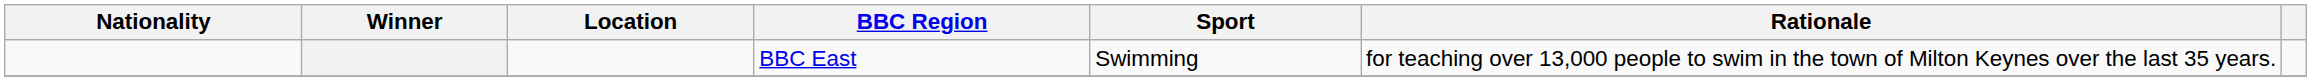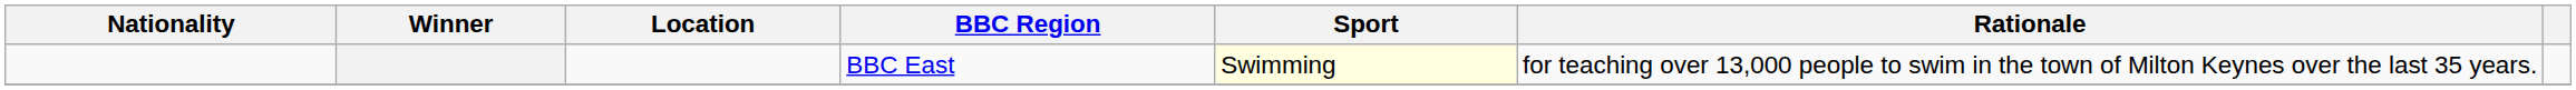 <table class="plainrowheaders wikitable">
 <tr>
 <th scope="col">Nationality</th>
 <th scope="col">Winner</th>
 <th scope="col">Location</th>
 <th scope="col"><a href='#'>BBC Region</a></th>
 <th scope="col">Sport</th>
 <th scope="col" width="40%">Rationale</th>
 <th scope="col"></th>
 </tr>
 <tr>
 <td></td>
 <th scope="row"></th>
 <td></td>
 <td><a href='#'>BBC East</a></td>
-<td>Swimming</td>
+<td style="background: lightyellow;">Swimming</td>
 <td>for teaching over 13,000 people to swim in the town of Milton Keynes over the last 35 years.</td>
 <td align="center"></td>
 </tr>
 <tr>
 </tr>
 </table>
